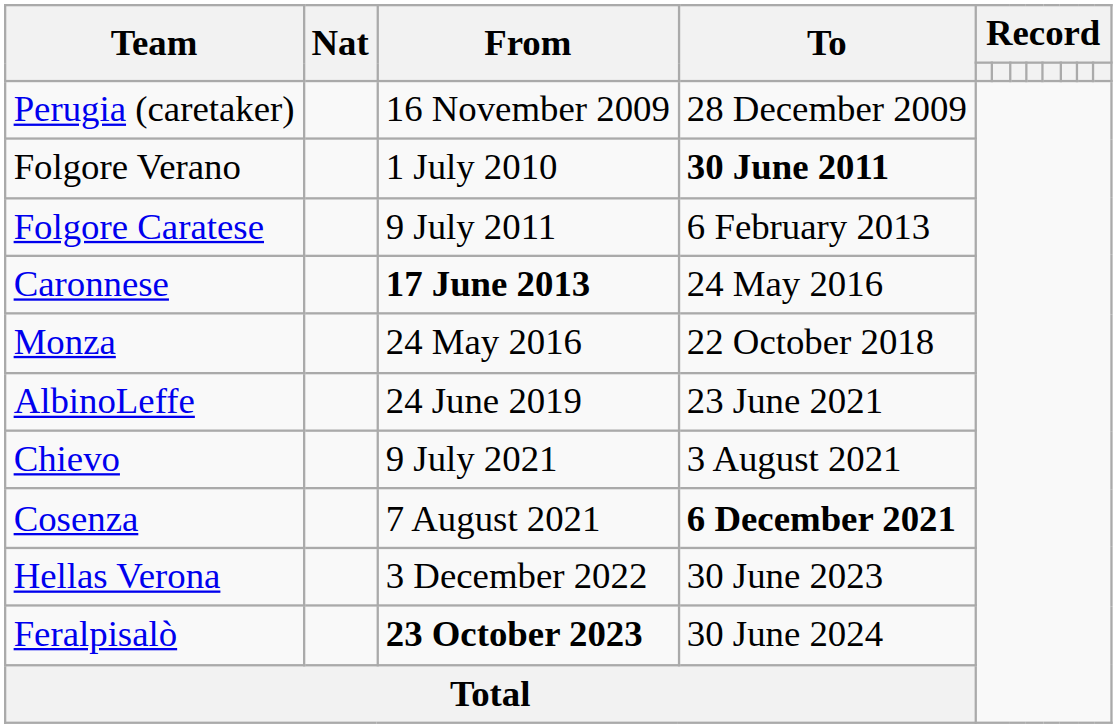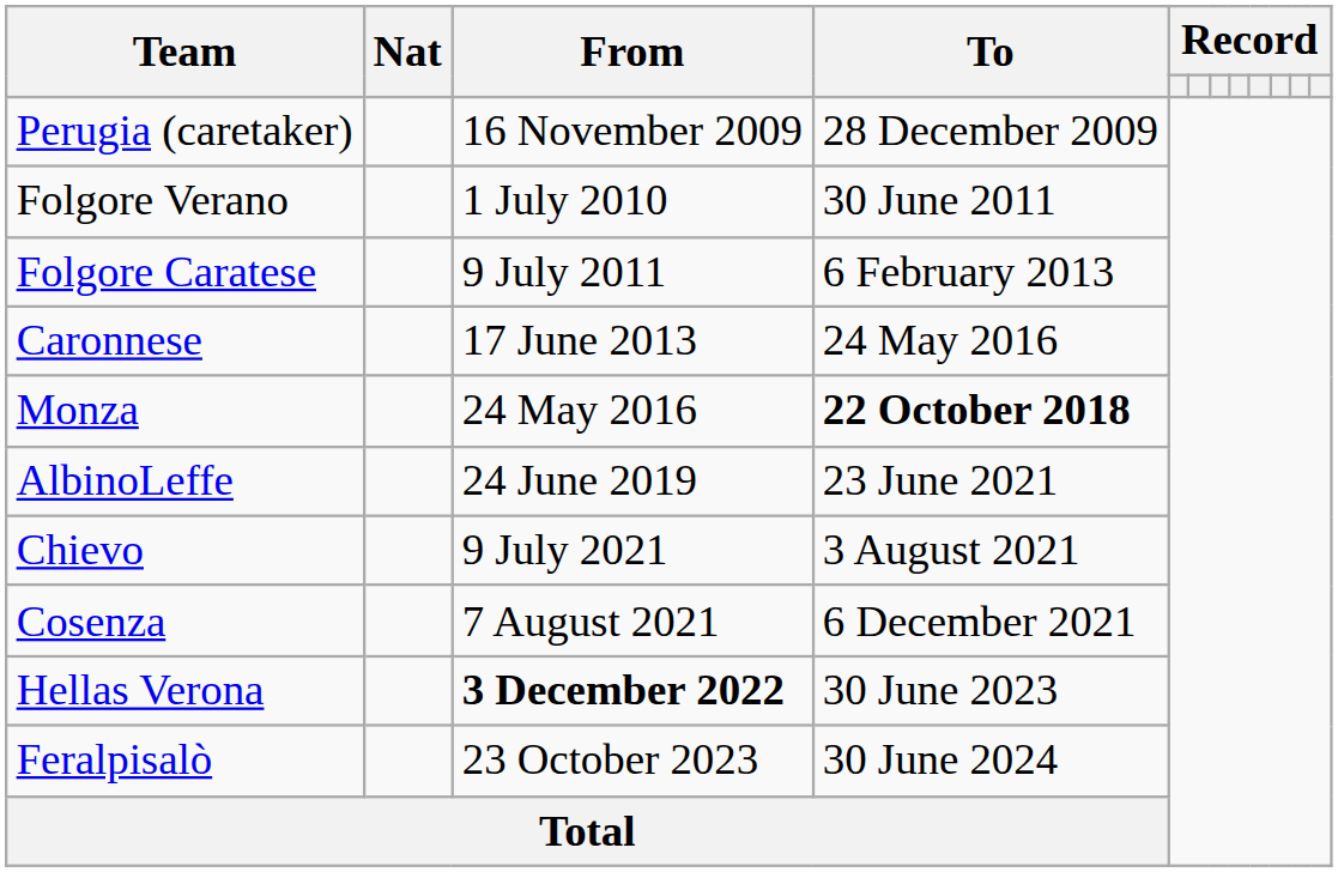 <table class=wikitable style=text-align:center>
 <tr>
 <th rowspan=2>Team</th>
 <th rowspan=2>Nat</th>
 <th rowspan=2>From</th>
 <th rowspan=2>To</th>
 <th colspan=8>Record</th>
 </tr>
 <tr>
 <th></th>
 <th></th>
 <th></th>
 <th></th>
 <th></th>
 <th></th>
 <th></th>
 <th></th>
 </tr>
 <tr>
 <td align=left><a href='#'>Perugia</a> (caretaker)</td>
 <td></td>
 <td align=left>16 November 2009</td>
 <td align=left>28 December 2009<br></td>
 </tr>
 <tr>
 <td align=left>Folgore Verano</td>
 <td></td>
 <td align=left>1 July 2010</td>
-<td align=left><strong>30 June 2011<br></strong></td>
+<td align=left>30 June 2011<br></td>
 </tr>
 <tr>
 <td align=left><a href='#'>Folgore Caratese</a></td>
 <td></td>
 <td align=left>9 July 2011</td>
 <td align=left>6 February 2013<br></td>
 </tr>
 <tr>
 <td align=left><a href='#'>Caronnese</a></td>
 <td></td>
-<td align=left><strong>17 June 2013</strong></td>
+<td align=left>17 June 2013</td>
 <td align=left>24 May 2016<br></td>
 </tr>
 <tr>
 <td align=left><a href='#'>Monza</a></td>
 <td></td>
 <td align=left>24 May 2016</td>
-<td align=left>22 October 2018<br></td>
+<td align=left><strong>22 October 2018<br></strong></td>
 </tr>
 <tr>
 <td align=left><a href='#'>AlbinoLeffe</a></td>
 <td></td>
 <td align=left>24 June 2019</td>
 <td align=left>23 June 2021<br></td>
 </tr>
 <tr>
 <td align=left><a href='#'>Chievo</a></td>
 <td></td>
 <td align=left>9 July 2021</td>
 <td align=left>3 August 2021<br></td>
 </tr>
 <tr>
 <td align=left><a href='#'>Cosenza</a></td>
 <td></td>
 <td align=left>7 August 2021</td>
-<td align=left><strong>6 December 2021<br></strong></td>
+<td align=left>6 December 2021<br></td>
 </tr>
 <tr>
 <td align=left><a href='#'>Hellas Verona</a></td>
 <td></td>
-<td align=left>3 December 2022</td>
+<td align=left><strong>3 December 2022</strong></td>
 <td align=left>30 June 2023<br></td>
 </tr>
 <tr>
 <td align=left><a href='#'>Feralpisalò</a></td>
 <td></td>
-<td align=left><strong>23 October 2023</strong></td>
+<td align=left>23 October 2023</td>
 <td align=left>30 June 2024<br></td>
 </tr>
 <tr>
 <th colspan="4">Total<br></th>
 </tr>
 </table>
